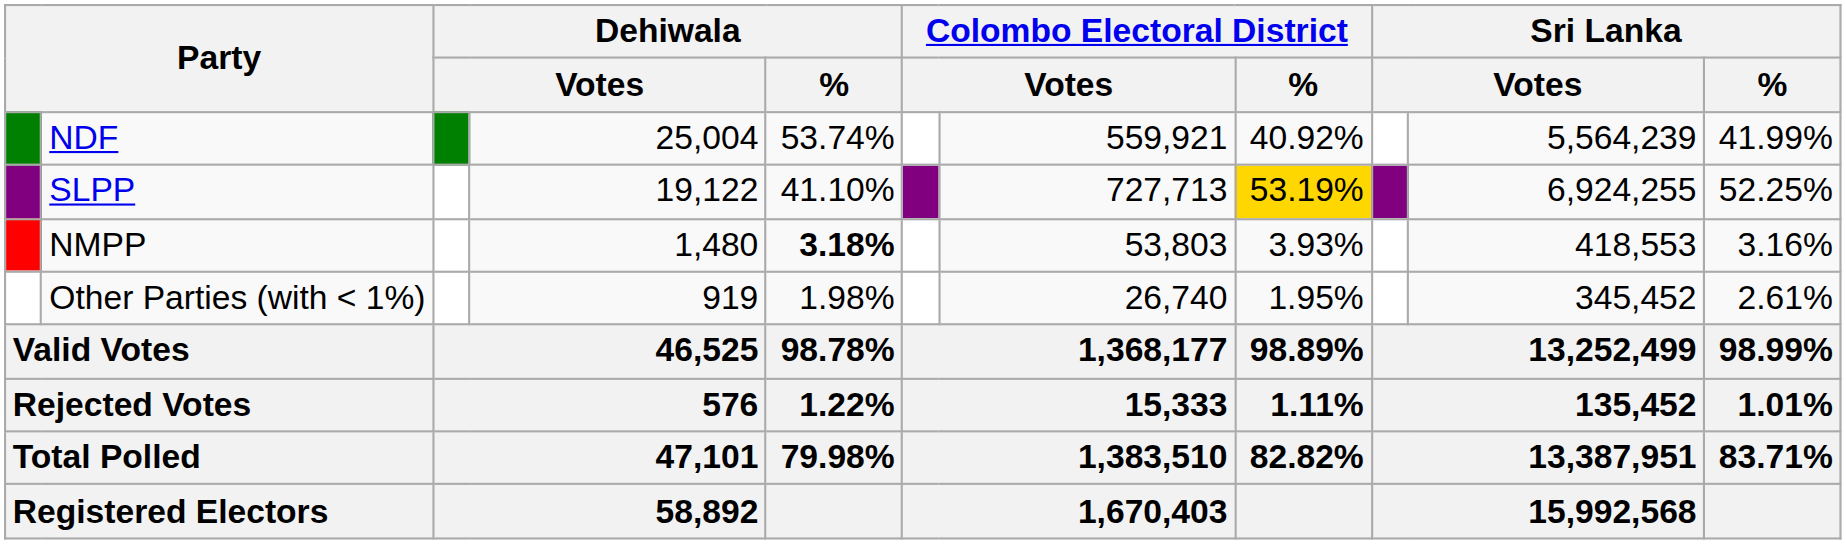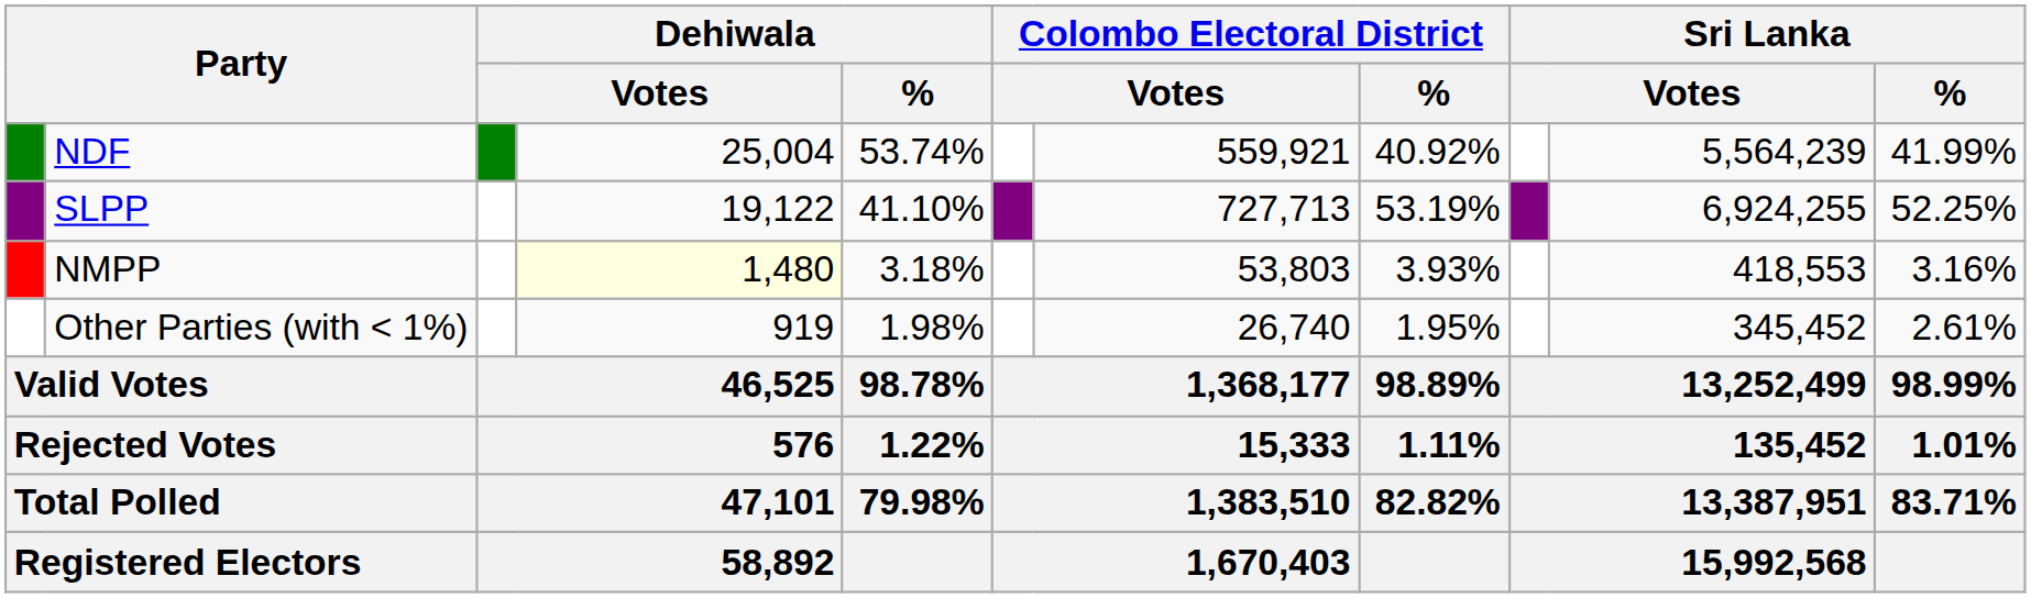 <table class="wikitable">
 <tr>
 <th colspan="2" width="144px"rowspan="2">Party</th>
 <th colspan="3" width="216px">Dehiwala</th>
 <th colspan="3" width="216px"><a href='#'>Colombo Electoral District</a></th>
 <th colspan="3" width="216px">Sri Lanka</th>
 </tr>
 <tr>
 <th colspan="2" width="144px">Votes</th>
 <th>%</th>
 <th colspan="2" width="144px">Votes</th>
 <th>%</th>
 <th colspan="2" width="144px">Votes</th>
 <th>%</th>
 </tr>
 <tr>
 <td style="background-color:green;" width="10px"></td>
 <td style="text-align:left;"><a href='#'>NDF</a></td>
 <td style="background-color:green;" width="10px"></td>
 <td style="text-align:right;">25,004</td>
 <td style="text-align:right;">53.74%</td>
 <td style="background-color:white;" width="10px"></td>
 <td style="text-align:right;">559,921</td>
 <td style="text-align:right;">40.92%</td>
 <td style="background-color:white;" width="10px"></td>
 <td style="text-align:right;">5,564,239</td>
 <td style="text-align:right;">41.99%</td>
 </tr>
 <tr>
 <td style="background-color:purple;" width="10px"></td>
 <td style="text-align:left;"><a href='#'>SLPP</a></td>
 <td style="background-color:white;" width="10px"></td>
 <td style="text-align:right;">19,122</td>
 <td style="text-align:right;">41.10%</td>
 <td style="background-color:purple;" width="10px"></td>
 <td style="text-align:right;">727,713</td>
-<td style="background: gold; text-align:right;">53.19%</td>
+<td style="text-align:right;">53.19%</td>
 <td style="background-color:purple;" width="10px"></td>
 <td style="text-align:right;">6,924,255</td>
 <td style="text-align:right;">52.25%</td>
 </tr>
 <tr>
 <td style="background-color:red;" width="10px"></td>
 <td style="text-align:left;">NMPP</td>
 <td style="background-color:white;" width="10px"></td>
-<td style="text-align:right;">1,480</td>
-<td style="text-align:right;"><strong>3.18%</strong></td>
+<td style="background: lightyellow; text-align:right;">1,480</td>
+<td style="text-align:right;">3.18%</td>
 <td style="background-color:white;" width="10px"></td>
 <td style="text-align:right;">53,803</td>
 <td style="text-align:right;">3.93%</td>
 <td style="background-color:white;" width="10px"></td>
 <td style="text-align:right;">418,553</td>
 <td style="text-align:right;">3.16%</td>
 </tr>
 <tr>
 <td style="background-color:white;" width="10px"></td>
 <td style="text-align:left;">Other Parties (with < 1%)</td>
 <td style="background-color:white;" width="10px"></td>
 <td style="text-align:right;">919</td>
 <td style="text-align:right;">1.98%</td>
 <td style="background-color:white;" width="10px"></td>
 <td style="text-align:right;">26,740</td>
 <td style="text-align:right;">1.95%</td>
 <td style="background-color:white;" width="10px"></td>
 <td style="text-align:right;">345,452</td>
 <td style="text-align:right;">2.61%</td>
 </tr>
 <tr>
 <th colspan="2" width="144px"style="text-align:left;">Valid Votes</th>
 <th style="text-align:right;"colspan="2" width="144px">46,525</th>
 <th style="text-align:right;">98.78%</th>
 <th style="text-align:right;"colspan="2" width="144px">1,368,177</th>
 <th style="text-align:right;">98.89%</th>
 <th style="text-align:right;"colspan="2" width="144px">13,252,499</th>
 <th style="text-align:right;">98.99%</th>
 </tr>
 <tr>
 <th colspan="2" width="144px"style="text-align:left;">Rejected Votes</th>
 <th style="text-align:right;"colspan="2" width="144px">576</th>
 <th style="text-align:right;">1.22%</th>
 <th style="text-align:right;"colspan="2" width="144px">15,333</th>
 <th style="text-align:right;">1.11%</th>
 <th style="text-align:right;"colspan="2" width="144px">135,452</th>
 <th style="text-align:right;">1.01%</th>
 </tr>
 <tr>
 <th colspan="2" width="144px"style="text-align:left;">Total Polled</th>
 <th style="text-align:right;"colspan="2" width="144px">47,101</th>
 <th style="text-align:right;">79.98%</th>
 <th style="text-align:right;"colspan="2" width="144px">1,383,510</th>
 <th style="text-align:right;">82.82%</th>
 <th style="text-align:right;"colspan="2" width="144px">13,387,951</th>
 <th style="text-align:right;">83.71%</th>
 </tr>
 <tr>
 <th colspan="2" width="144px"style="text-align:left;">Registered Electors</th>
 <th style="text-align:right;"colspan="2" width="144px">58,892</th>
 <th></th>
 <th style="text-align:right;"colspan="2" width="144px">1,670,403</th>
 <th></th>
 <th style="text-align:right;"colspan="2" width="144px">15,992,568</th>
 <th></th>
 </tr>
 </table>
